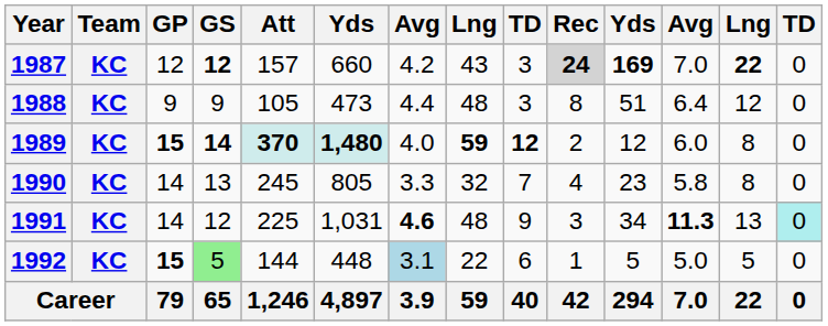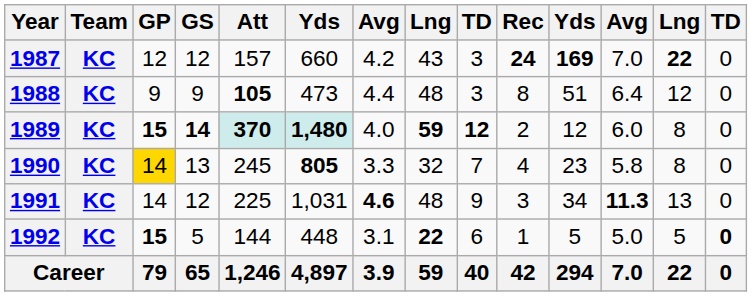 <table class="wikitable" style="text-align: center;">
 <tr>
 <th>Year</th>
 <th>Team</th>
 <th>GP</th>
 <th>GS</th>
 <th>Att</th>
 <th>Yds</th>
 <th>Avg</th>
 <th>Lng</th>
 <th>TD</th>
 <th>Rec</th>
 <th>Yds</th>
 <th>Avg</th>
 <th>Lng</th>
 <th>TD</th>
 </tr>
 <tr>
 <th><a href='#'>1987</a></th>
 <th><a href='#'>KC</a></th>
 <td>12</td>
-<td><strong>12</strong></td>
+<td>12</td>
 <td>157</td>
 <td>660</td>
 <td>4.2</td>
 <td>43</td>
 <td>3</td>
-<td style="background: lightgrey;"><strong>24</strong></td>
+<td><strong>24</strong></td>
 <td><strong>169</strong></td>
 <td>7.0</td>
 <td><strong>22</strong></td>
 <td>0</td>
 </tr>
 <tr>
 <th><a href='#'>1988</a></th>
 <th><a href='#'>KC</a></th>
 <td>9</td>
 <td>9</td>
-<td>105</td>
+<td><strong>105</strong></td>
 <td>473</td>
 <td>4.4</td>
 <td>48</td>
 <td>3</td>
 <td>8</td>
 <td>51</td>
 <td>6.4</td>
 <td>12</td>
 <td>0</td>
 </tr>
 <tr>
 <th><a href='#'>1989</a></th>
 <th><a href='#'>KC</a></th>
 <td><strong>15</strong></td>
 <td><strong>14</strong></td>
 <td style="background:#cfecec"><strong>370</strong></td>
 <td style="background:#cfecec"><strong>1,480</strong></td>
 <td>4.0</td>
 <td><strong>59</strong></td>
 <td><strong>12</strong></td>
 <td>2</td>
 <td>12</td>
 <td>6.0</td>
 <td>8</td>
 <td>0</td>
 </tr>
 <tr>
 <th><a href='#'>1990</a></th>
 <th><a href='#'>KC</a></th>
-<td>14</td>
+<td style="background: gold;">14</td>
 <td>13</td>
 <td>245</td>
-<td>805</td>
+<td><strong>805</strong></td>
 <td>3.3</td>
 <td>32</td>
 <td>7</td>
 <td>4</td>
 <td>23</td>
 <td>5.8</td>
 <td>8</td>
 <td>0</td>
 </tr>
 <tr>
 <th><a href='#'>1991</a></th>
 <th><a href='#'>KC</a></th>
 <td>14</td>
 <td>12</td>
 <td>225</td>
 <td>1,031</td>
 <td><strong>4.6</strong></td>
 <td>48</td>
 <td>9</td>
 <td>3</td>
 <td>34</td>
 <td><strong>11.3</strong></td>
 <td>13</td>
-<td style="background: paleturquoise;">0</td>
+<td>0</td>
 </tr>
 <tr>
 <th><a href='#'>1992</a></th>
 <th><a href='#'>KC</a></th>
 <td><strong>15</strong></td>
-<td style="background: lightgreen;">5</td>
+<td>5</td>
 <td>144</td>
 <td>448</td>
-<td style="background: lightblue;">3.1</td>
-<td>22</td>
+<td>3.1</td>
+<td><strong>22</strong></td>
 <td>6</td>
 <td>1</td>
 <td>5</td>
 <td>5.0</td>
 <td>5</td>
-<td>0</td>
+<td><strong>0</strong></td>
 </tr>
 <tr>
 <th colspan="2">Career</th>
 <th>79</th>
 <th>65</th>
 <th>1,246</th>
 <th>4,897</th>
 <th>3.9</th>
 <th>59</th>
 <th>40</th>
 <th>42</th>
 <th>294</th>
 <th>7.0</th>
 <th>22</th>
 <th>0</th>
 </tr>
 </table>
